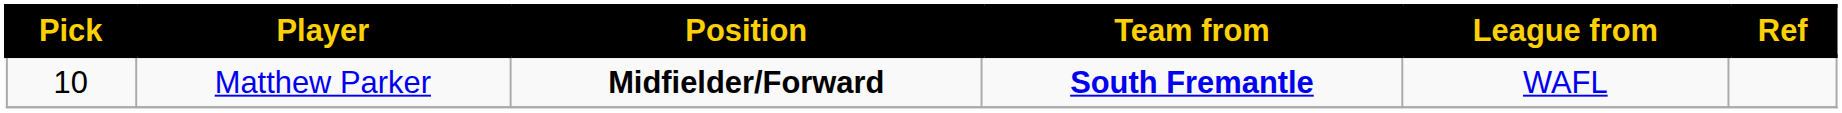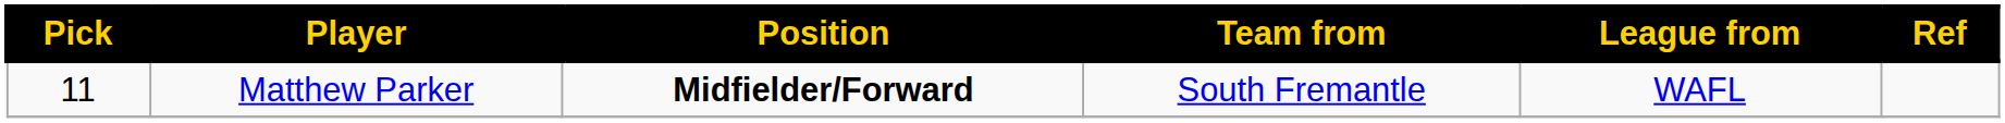 <table class="wikitable" style="text-align:center; font-size:100%; width:60%;">
 <tr>
 <th style="background:black; color:#FED102; border: solid black 2px;">Pick</th>
 <th style="background:black; color:#FED102; border: solid black 2px;">Player</th>
 <th style="background:black; color:#FED102; border: solid black 2px;">Position</th>
 <th style="background:black; color:#FED102; border: solid black 2px;">Team from</th>
 <th style="background:black; color:#FED102; border: solid black 2px;">League from</th>
 <th style="background:black; color:#FED102; border: solid black 2px;">Ref</th>
 </tr>
 <tr>
-<td>10</td>
+<td>11</td>
 <td><a href='#'>Matthew Parker</a></td>
 <td><strong>Midfielder/Forward</strong></td>
-<td><strong><a href='#'>South Fremantle</a></strong></td>
+<td><a href='#'>South Fremantle</a></td>
 <td><a href='#'>WAFL</a></td>
 <td></td>
 </tr>
 <tr>
 </tr>
 </table>
